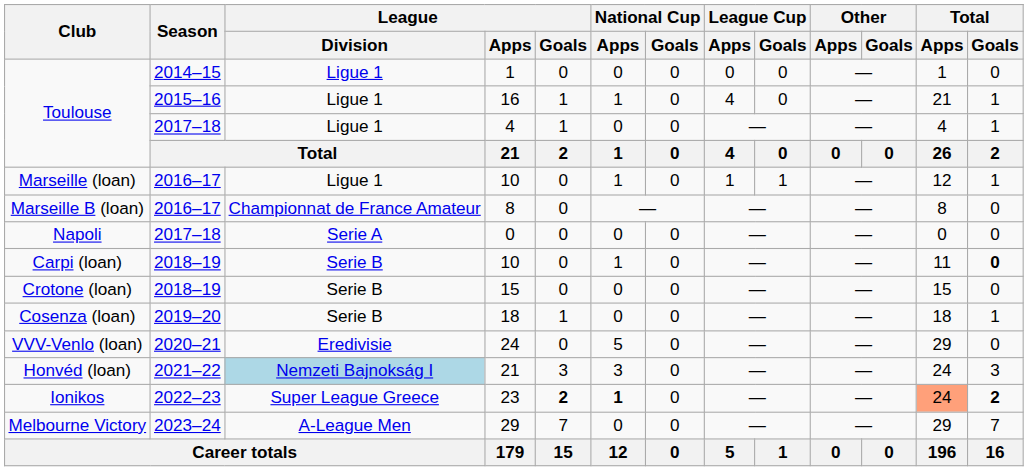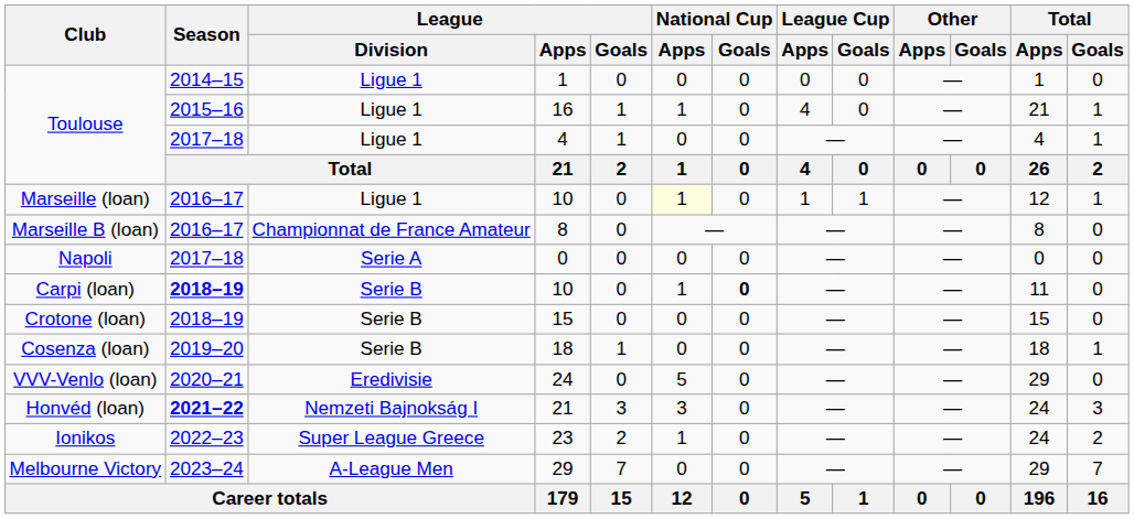 <table class="wikitable" style="text-align:center">
 <tr>
 <th rowspan="2">Club</th>
 <th rowspan="2">Season</th>
 <th colspan="3">League</th>
 <th colspan="2">National Cup</th>
 <th colspan="2">League Cup</th>
 <th colspan="2">Other</th>
 <th colspan="2">Total</th>
 </tr>
 <tr>
 <th>Division</th>
 <th>Apps</th>
 <th>Goals</th>
 <th>Apps</th>
 <th>Goals</th>
 <th>Apps</th>
 <th>Goals</th>
 <th>Apps</th>
 <th>Goals</th>
 <th>Apps</th>
 <th>Goals</th>
 </tr>
 <tr>
 <td rowspan="4"><a href='#'>Toulouse</a></td>
 <td><a href='#'>2014–15</a></td>
 <td><a href='#'>Ligue 1</a></td>
 <td>1</td>
 <td>0</td>
 <td>0</td>
 <td>0</td>
 <td>0</td>
 <td>0</td>
 <td colspan="2">—</td>
 <td>1</td>
 <td>0</td>
 </tr>
 <tr>
 <td><a href='#'>2015–16</a></td>
 <td>Ligue 1</td>
 <td>16</td>
 <td>1</td>
 <td>1</td>
 <td>0</td>
 <td>4</td>
 <td>0</td>
 <td colspan="2">—</td>
 <td>21</td>
 <td>1</td>
 </tr>
 <tr>
 <td><a href='#'>2017–18</a></td>
 <td>Ligue 1</td>
 <td>4</td>
 <td>1</td>
 <td>0</td>
 <td>0</td>
 <td colspan="2">—</td>
 <td colspan="2">—</td>
 <td>4</td>
 <td>1</td>
 </tr>
 <tr>
 <th colspan="2">Total</th>
 <th>21</th>
 <th>2</th>
 <th>1</th>
 <th>0</th>
 <th>4</th>
 <th>0</th>
 <th>0</th>
 <th>0</th>
 <th>26</th>
 <th>2</th>
 </tr>
 <tr>
 <td><a href='#'>Marseille</a> (loan)</td>
 <td><a href='#'>2016–17</a></td>
 <td>Ligue 1</td>
 <td>10</td>
 <td>0</td>
-<td>1</td>
+<td style="background: lightyellow;">1</td>
 <td>0</td>
 <td>1</td>
 <td>1</td>
 <td colspan="2">—</td>
 <td>12</td>
 <td>1</td>
 </tr>
 <tr>
 <td><a href='#'>Marseille B</a> (loan)</td>
 <td><a href='#'>2016–17</a></td>
 <td><a href='#'>Championnat de France Amateur</a></td>
 <td>8</td>
 <td>0</td>
 <td colspan="2">—</td>
 <td colspan="2">—</td>
 <td colspan="2">—</td>
 <td>8</td>
 <td>0</td>
 </tr>
 <tr>
 <td><a href='#'>Napoli</a></td>
 <td><a href='#'>2017–18</a></td>
 <td><a href='#'>Serie A</a></td>
 <td>0</td>
 <td>0</td>
 <td>0</td>
 <td>0</td>
 <td colspan="2">—</td>
 <td colspan="2">—</td>
 <td>0</td>
 <td>0</td>
 </tr>
 <tr>
 <td><a href='#'>Carpi</a> (loan)</td>
-<td><a href='#'>2018–19</a></td>
+<td><strong><a href='#'>2018–19</a></strong></td>
 <td><a href='#'>Serie B</a></td>
 <td>10</td>
 <td>0</td>
 <td>1</td>
-<td>0</td>
+<td><strong>0</strong></td>
 <td colspan="2">—</td>
 <td colspan="2">—</td>
 <td>11</td>
-<td><strong>0</strong></td>
+<td>0</td>
 </tr>
 <tr>
 <td><a href='#'>Crotone</a> (loan)</td>
 <td><a href='#'>2018–19</a></td>
 <td>Serie B</td>
 <td>15</td>
 <td>0</td>
 <td>0</td>
 <td>0</td>
 <td colspan="2">—</td>
 <td colspan="2">—</td>
 <td>15</td>
 <td>0</td>
 </tr>
 <tr>
 <td><a href='#'>Cosenza</a> (loan)</td>
 <td><a href='#'>2019–20</a></td>
 <td>Serie B</td>
 <td>18</td>
 <td>1</td>
 <td>0</td>
 <td>0</td>
 <td colspan="2">—</td>
 <td colspan="2">—</td>
 <td>18</td>
 <td>1</td>
 </tr>
 <tr>
 <td><a href='#'>VVV-Venlo</a> (loan)</td>
 <td><a href='#'>2020–21</a></td>
 <td><a href='#'>Eredivisie</a></td>
 <td>24</td>
 <td>0</td>
 <td>5</td>
 <td>0</td>
 <td colspan="2">—</td>
 <td colspan="2">—</td>
 <td>29</td>
 <td>0</td>
 </tr>
 <tr>
 <td><a href='#'>Honvéd</a> (loan)</td>
-<td><a href='#'>2021–22</a></td>
-<td style="background: lightblue;"><a href='#'>Nemzeti Bajnokság I</a></td>
+<td><strong><a href='#'>2021–22</a></strong></td>
+<td><a href='#'>Nemzeti Bajnokság I</a></td>
 <td>21</td>
 <td>3</td>
 <td>3</td>
 <td>0</td>
 <td colspan="2">—</td>
 <td colspan="2">—</td>
 <td>24</td>
 <td>3</td>
 </tr>
 <tr>
 <td><a href='#'>Ionikos</a></td>
 <td><a href='#'>2022–23</a></td>
 <td><a href='#'>Super League Greece</a></td>
 <td>23</td>
-<td><strong>2</strong></td>
-<td><strong>1</strong></td>
+<td>2</td>
+<td>1</td>
 <td>0</td>
 <td colspan="2">—</td>
 <td colspan="2">—</td>
-<td style="background: lightsalmon;">24</td>
-<td><strong>2</strong></td>
+<td>24</td>
+<td>2</td>
 </tr>
 <tr>
 <td><a href='#'>Melbourne Victory</a></td>
 <td><a href='#'>2023–24</a></td>
 <td><a href='#'>A-League Men</a></td>
 <td>29</td>
 <td>7</td>
 <td>0</td>
 <td>0</td>
 <td colspan="2">—</td>
 <td colspan="2">—</td>
 <td>29</td>
 <td>7</td>
 </tr>
 <tr>
 <th colspan="3">Career totals</th>
 <th>179</th>
 <th>15</th>
 <th>12</th>
 <th>0</th>
 <th>5</th>
 <th>1</th>
 <th>0</th>
 <th>0</th>
 <th>196</th>
 <th>16</th>
 </tr>
 </table>
